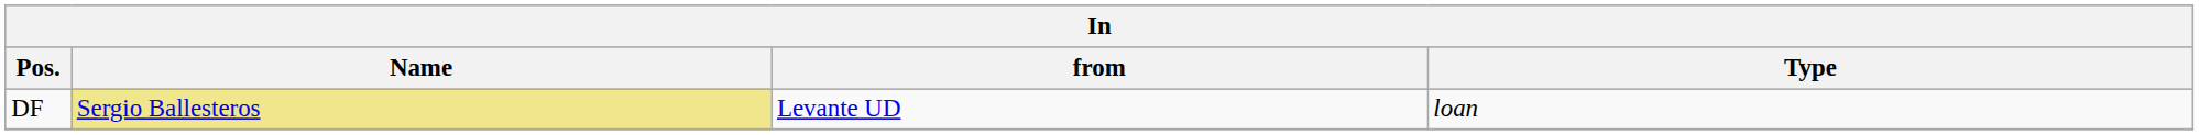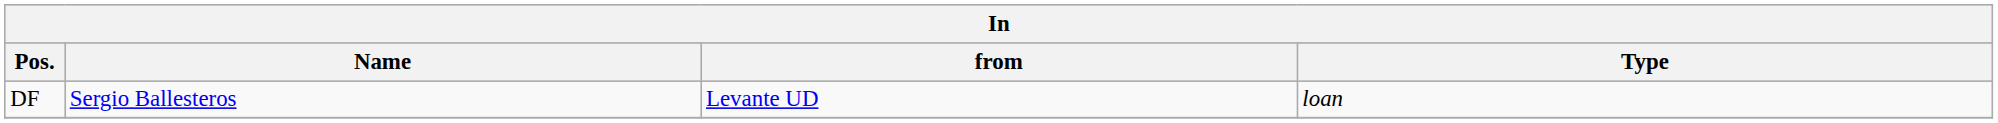 <table class="wikitable" style="font-size:90%;width:99%;">
 <tr>
 <th colspan="4">In</th>
 </tr>
 <tr>
 <th width=3%>Pos.</th>
 <th width=32%>Name</th>
 <th width=30%>from</th>
 <th width=35%>Type</th>
 </tr>
 <tr>
 <td>DF</td>
-<td style="background: khaki;"><a href='#'>Sergio Ballesteros</a></td>
+<td><a href='#'>Sergio Ballesteros</a></td>
 <td><a href='#'>Levante UD</a></td>
 <td><em>loan</em></td>
 </tr>
 <tr>
 </tr>
 </table>
